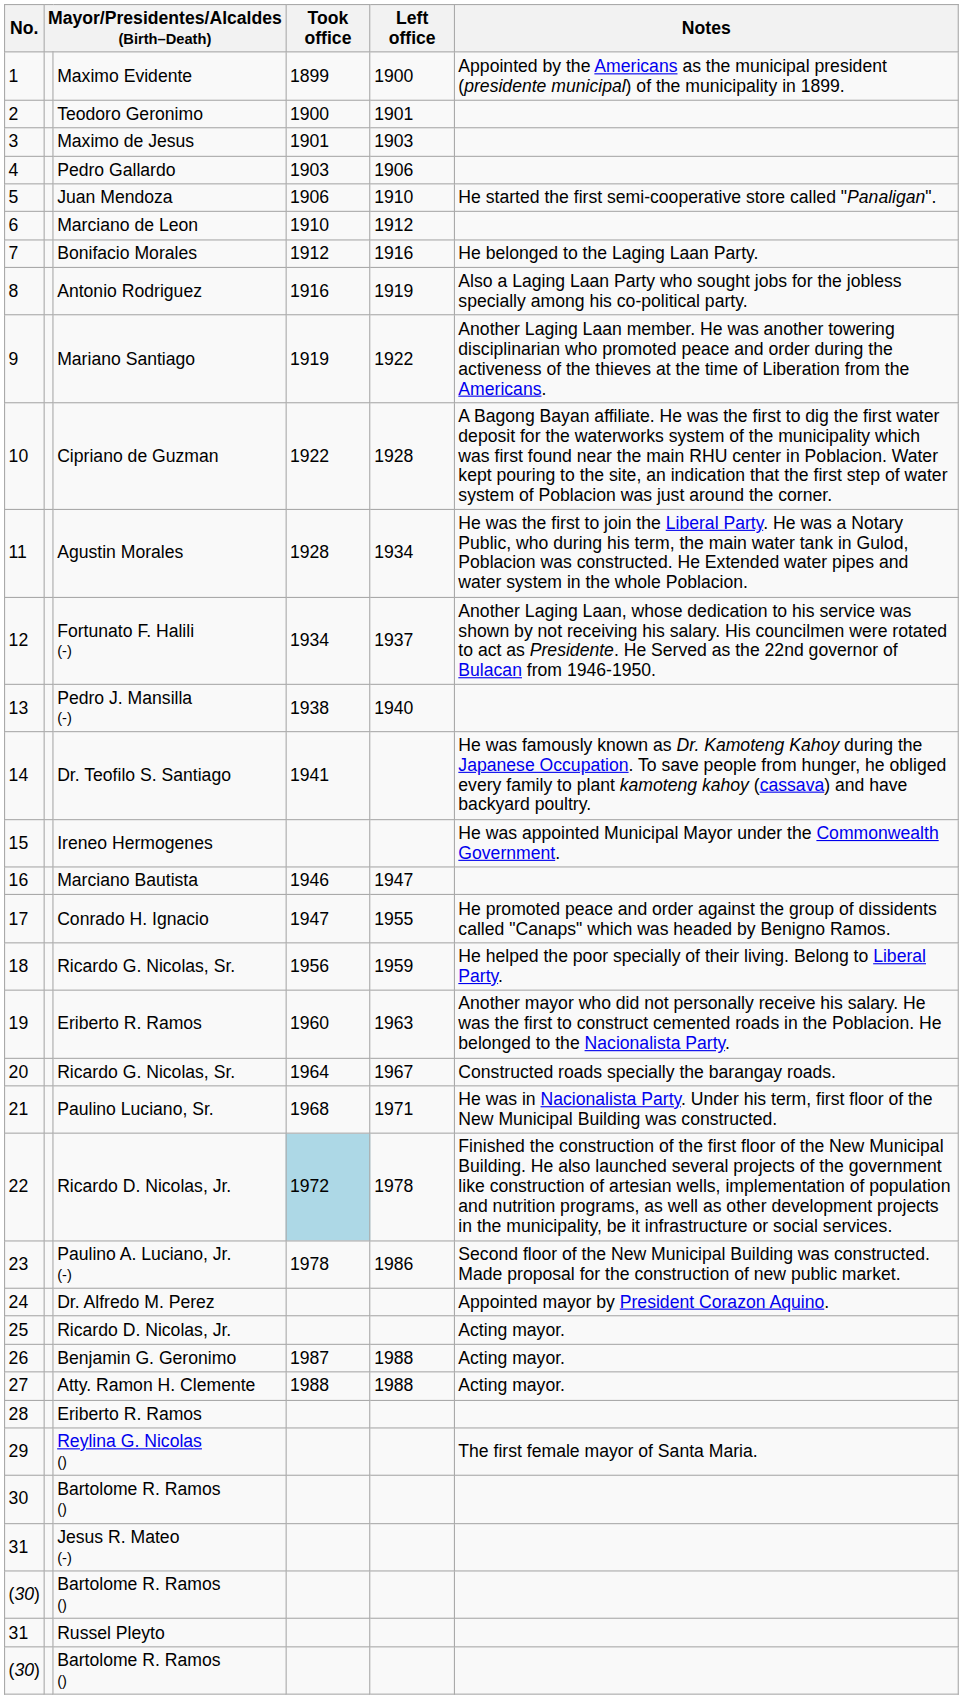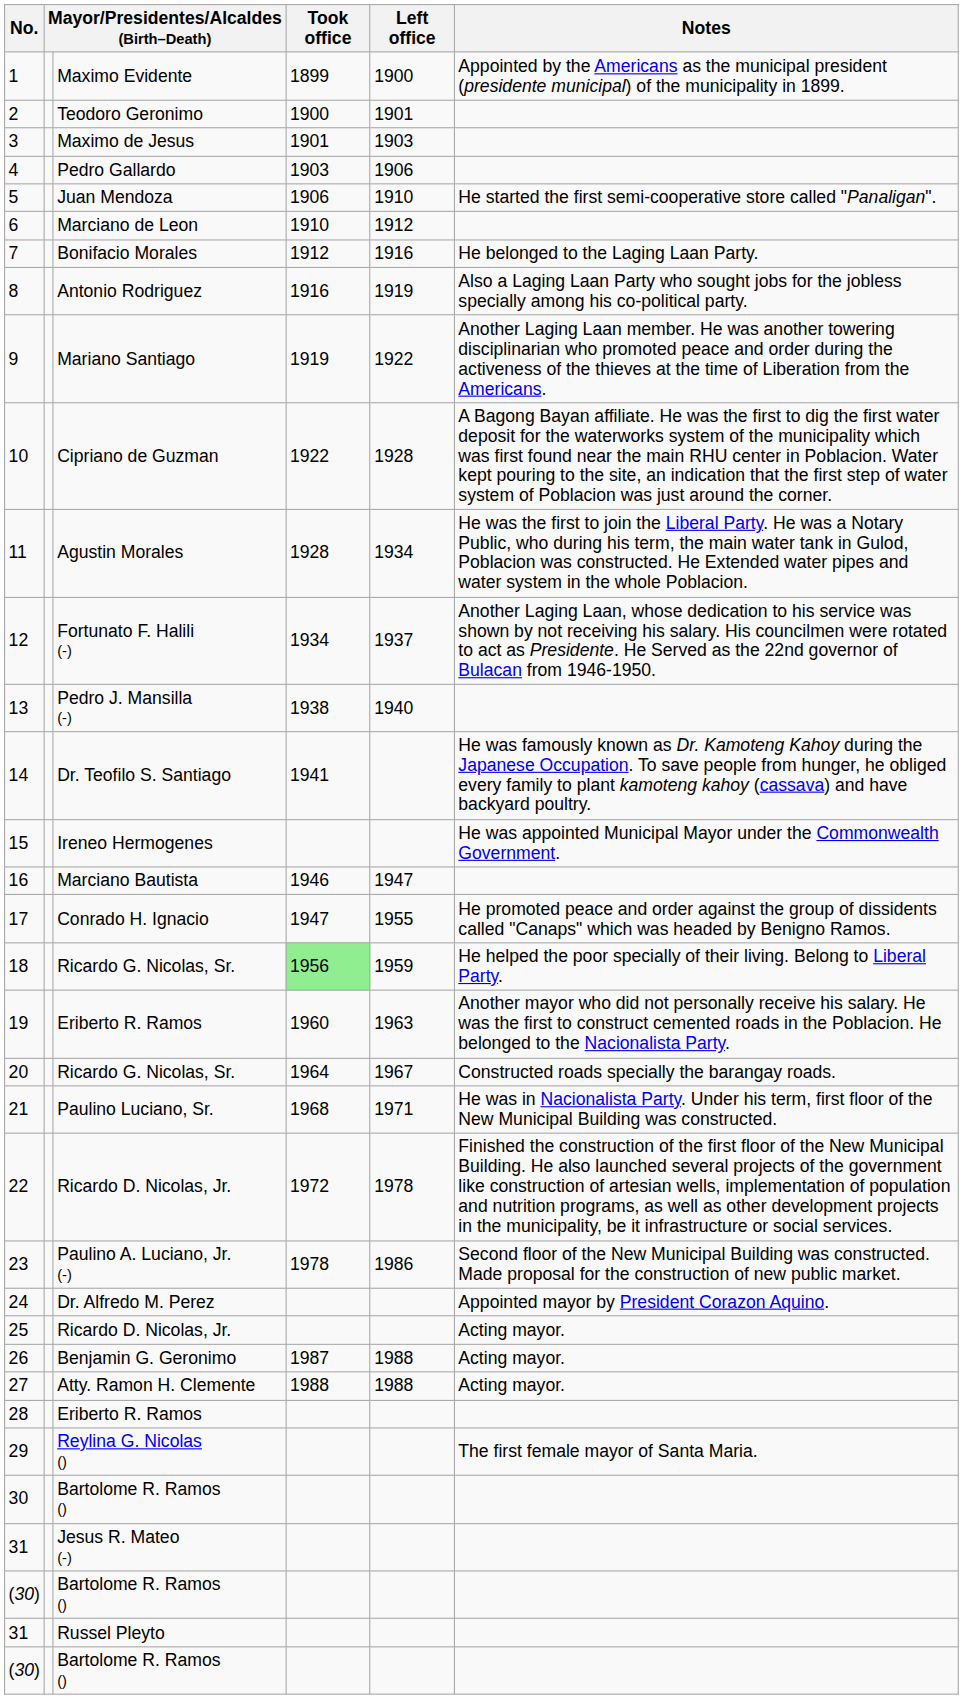 <table class="wikitable" style="text-align:center: ">
 <tr>
 <th width="3%">No.</th>
 <th colspan=2>Mayor/Presidentes/Alcaldes<br><small>(Birth–Death)</small></th>
 <th width="9%" align="center">Took office</th>
 <th width="9%">Left office</th>
 <th width="55%">Notes</th>
 </tr>
 <tr>
 <td>1</td>
 <td></td>
 <td>Maximo Evidente</td>
 <td>1899</td>
 <td>1900</td>
 <td>Appointed by the <a href='#'>Americans</a> as the municipal president (<em>presidente municipal</em>) of the municipality in 1899.</td>
 </tr>
 <tr>
 <td>2</td>
 <td></td>
 <td>Teodoro Geronimo</td>
 <td>1900</td>
 <td>1901</td>
 <td></td>
 </tr>
 <tr>
 <td>3</td>
 <td></td>
 <td>Maximo de Jesus</td>
 <td>1901</td>
 <td>1903</td>
 <td></td>
 </tr>
 <tr>
 <td>4</td>
 <td></td>
 <td>Pedro Gallardo</td>
 <td>1903</td>
 <td>1906</td>
 <td></td>
 </tr>
 <tr>
 <td>5</td>
 <td></td>
 <td>Juan Mendoza</td>
 <td>1906</td>
 <td>1910</td>
 <td>He started the first semi-cooperative store called "<em>Panaligan</em>".</td>
 </tr>
 <tr>
 <td>6</td>
 <td></td>
 <td>Marciano de Leon</td>
 <td>1910</td>
 <td>1912</td>
 <td></td>
 </tr>
 <tr>
 <td>7</td>
 <td></td>
 <td>Bonifacio Morales</td>
 <td>1912</td>
 <td>1916</td>
 <td>He belonged to the Laging Laan Party.</td>
 </tr>
 <tr>
 <td>8</td>
 <td></td>
 <td>Antonio Rodriguez</td>
 <td>1916</td>
 <td>1919</td>
 <td>Also a Laging Laan Party who sought jobs for the jobless specially among his co-political party.</td>
 </tr>
 <tr>
 <td>9</td>
 <td></td>
 <td>Mariano Santiago</td>
 <td>1919</td>
 <td>1922</td>
 <td>Another Laging Laan member. He was another towering disciplinarian who promoted peace and order during the activeness of the thieves at the time of Liberation from the <a href='#'>Americans</a>.</td>
 </tr>
 <tr>
 <td>10</td>
 <td></td>
 <td>Cipriano de Guzman</td>
 <td>1922</td>
 <td>1928</td>
 <td>A Bagong Bayan affiliate. He was the first to dig the first water deposit for the waterworks system of the municipality which was first found near the main RHU center in Poblacion. Water kept pouring to the site, an indication that the first step of water system of Poblacion was just around the corner.</td>
 </tr>
 <tr>
 <td>11</td>
 <td></td>
 <td>Agustin Morales</td>
 <td>1928</td>
 <td>1934</td>
 <td>He was the first to join the <a href='#'>Liberal Party</a>. He was a Notary Public, who during his term, the main water tank in Gulod, Poblacion was constructed. He Extended water pipes and water system in the whole Poblacion.</td>
 </tr>
 <tr>
 <td>12</td>
 <td></td>
 <td>Fortunato F. Halili<br><small>(-)</small></td>
 <td>1934</td>
 <td>1937</td>
 <td>Another Laging Laan, whose dedication to his service was shown by not receiving his salary. His councilmen were rotated to act as <em>Presidente</em>. He Served as the 22nd governor of <a href='#'>Bulacan</a> from 1946-1950.</td>
 </tr>
 <tr>
 <td>13</td>
 <td></td>
 <td>Pedro J. Mansilla<br><small>(-)</small></td>
 <td>1938</td>
 <td>1940</td>
 <td></td>
 </tr>
 <tr>
 <td>14</td>
 <td></td>
 <td>Dr. Teofilo S. Santiago</td>
 <td>1941</td>
 <td></td>
 <td>He was famously known as <em>Dr. Kamoteng Kahoy</em> during the <a href='#'>Japanese Occupation</a>. To save people from hunger, he obliged every family to plant <em>kamoteng kahoy</em> (<a href='#'>cassava</a>) and have backyard poultry.</td>
 </tr>
 <tr>
 <td>15</td>
 <td></td>
 <td>Ireneo Hermogenes</td>
 <td></td>
 <td></td>
 <td>He was appointed Municipal Mayor under the <a href='#'>Commonwealth Government</a>.</td>
 </tr>
 <tr>
 <td>16</td>
 <td></td>
 <td>Marciano Bautista</td>
 <td>1946</td>
 <td>1947</td>
 <td></td>
 </tr>
 <tr>
 <td>17</td>
 <td></td>
 <td>Conrado H. Ignacio</td>
 <td>1947</td>
 <td>1955</td>
 <td>He promoted peace and order against the group of dissidents called "Canaps" which was headed by Benigno Ramos.</td>
 </tr>
 <tr>
 <td>18</td>
 <td></td>
 <td>Ricardo G. Nicolas, Sr.</td>
-<td>1956</td>
+<td style="background: lightgreen;">1956</td>
 <td>1959</td>
 <td>He helped the poor specially of their living. Belong to <a href='#'>Liberal Party</a>.</td>
 </tr>
 <tr>
 <td>19</td>
 <td></td>
 <td>Eriberto R. Ramos</td>
 <td>1960</td>
 <td>1963</td>
 <td>Another mayor who did not personally receive his salary. He was the first to construct cemented roads in the Poblacion. He belonged to the <a href='#'>Nacionalista Party</a>.</td>
 </tr>
 <tr>
 <td>20</td>
 <td></td>
 <td>Ricardo G. Nicolas, Sr.</td>
 <td>1964</td>
 <td>1967</td>
 <td>Constructed roads specially the barangay roads.</td>
 </tr>
 <tr>
 <td>21</td>
 <td></td>
 <td>Paulino Luciano, Sr.</td>
 <td>1968</td>
 <td>1971</td>
 <td>He was in <a href='#'>Nacionalista Party</a>. Under his term, first floor of the New Municipal Building was constructed.</td>
 </tr>
 <tr>
 <td>22</td>
 <td></td>
 <td>Ricardo D. Nicolas, Jr.</td>
-<td style="background: lightblue;">1972</td>
+<td>1972</td>
 <td>1978</td>
 <td>Finished the construction of the first floor of the New Municipal Building. He also launched several projects of the government like construction of artesian wells, implementation of population and nutrition programs, as well as other development projects in the municipality, be it infrastructure or social services.</td>
 </tr>
 <tr>
 <td>23</td>
 <td></td>
 <td>Paulino A. Luciano, Jr.<br><small>(-)</small></td>
 <td>1978</td>
 <td>1986</td>
 <td>Second floor of the New Municipal Building was constructed. Made proposal for the construction of new public market.</td>
 </tr>
 <tr>
 <td>24</td>
 <td></td>
 <td>Dr. Alfredo M. Perez</td>
 <td></td>
 <td></td>
 <td>Appointed mayor by <a href='#'>President Corazon Aquino</a>.</td>
 </tr>
 <tr>
 <td>25</td>
 <td></td>
 <td>Ricardo D. Nicolas, Jr.</td>
 <td></td>
 <td></td>
 <td>Acting mayor.</td>
 </tr>
 <tr>
 <td>26</td>
 <td></td>
 <td>Benjamin G. Geronimo</td>
 <td>1987</td>
 <td>1988</td>
 <td>Acting mayor.</td>
 </tr>
 <tr>
 <td>27</td>
 <td></td>
 <td>Atty. Ramon H. Clemente</td>
 <td>1988</td>
 <td>1988</td>
 <td>Acting mayor.</td>
 </tr>
 <tr>
 <td>28</td>
 <td></td>
 <td>Eriberto R. Ramos</td>
 <td></td>
 <td></td>
 <td></td>
 </tr>
 <tr>
 <td>29</td>
 <td></td>
 <td><a href='#'>Reylina G. Nicolas</a><br><small>()</small></td>
 <td></td>
 <td></td>
 <td>The first female mayor of Santa Maria.</td>
 </tr>
 <tr>
 <td>30</td>
 <td></td>
 <td>Bartolome R. Ramos<br><small>()</small></td>
 <td></td>
 <td></td>
 <td></td>
 </tr>
 <tr>
 <td>31</td>
 <td></td>
 <td>Jesus R. Mateo<br><small>(-)</small></td>
 <td></td>
 <td></td>
 <td></td>
 </tr>
 <tr>
 <td>(<em>30</em>)</td>
 <td></td>
 <td>Bartolome R. Ramos<br><small>()</small></td>
 <td></td>
 <td></td>
 <td></td>
 </tr>
 <tr>
 <td>31</td>
 <td></td>
 <td>Russel Pleyto</td>
 <td></td>
 <td></td>
 <td></td>
 </tr>
 <tr>
 <td>(<em>30</em>)</td>
 <td></td>
 <td>Bartolome R. Ramos<br><small>()</small></td>
 <td></td>
 <td></td>
 <td></td>
 </tr>
 </table>
